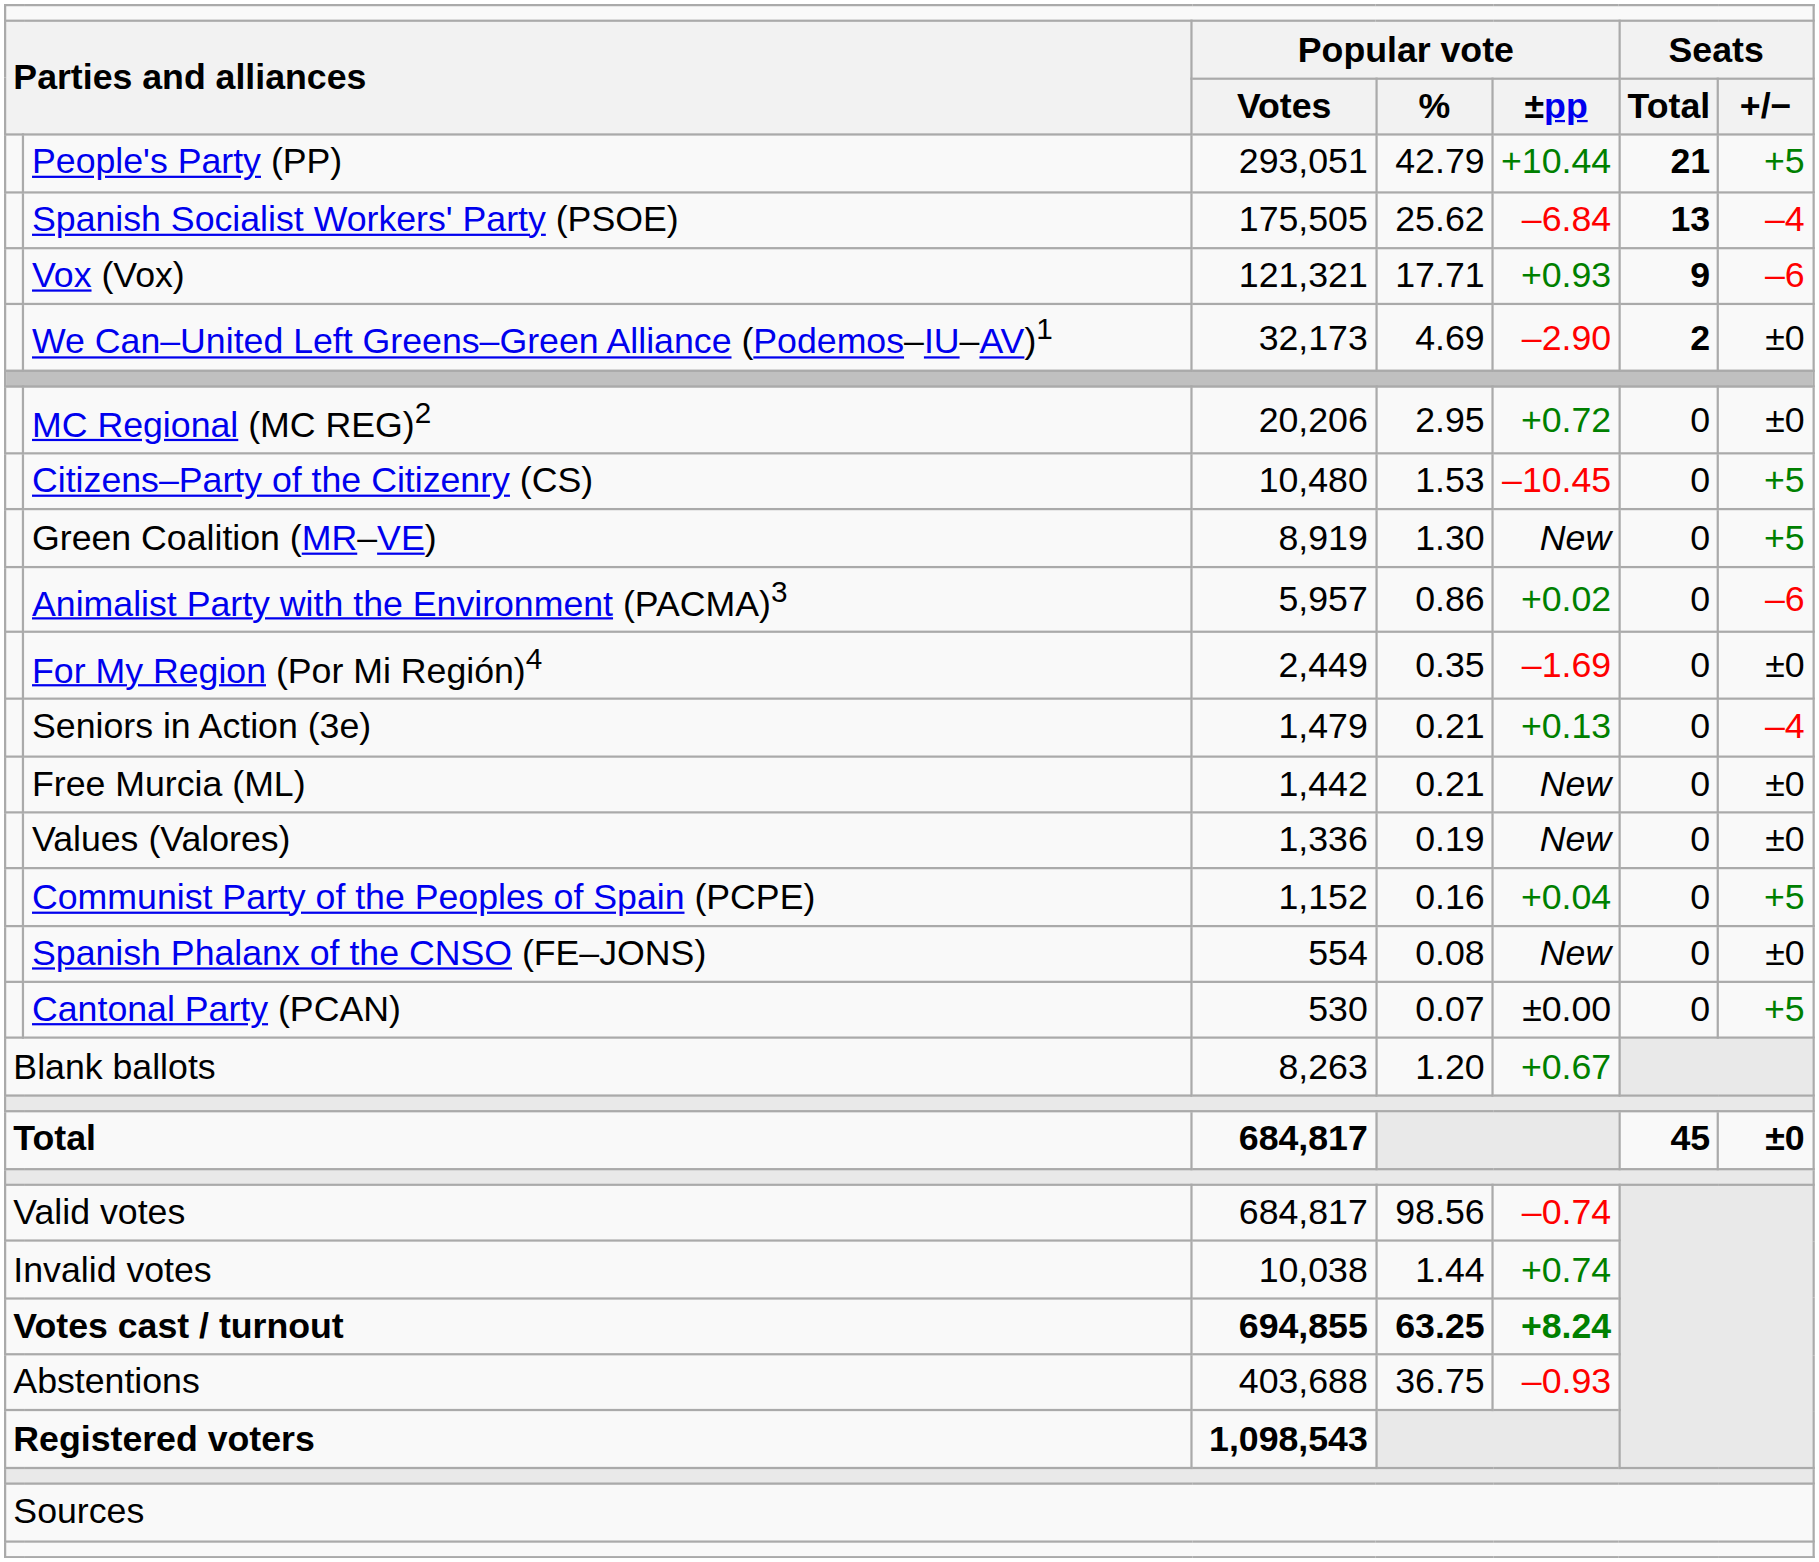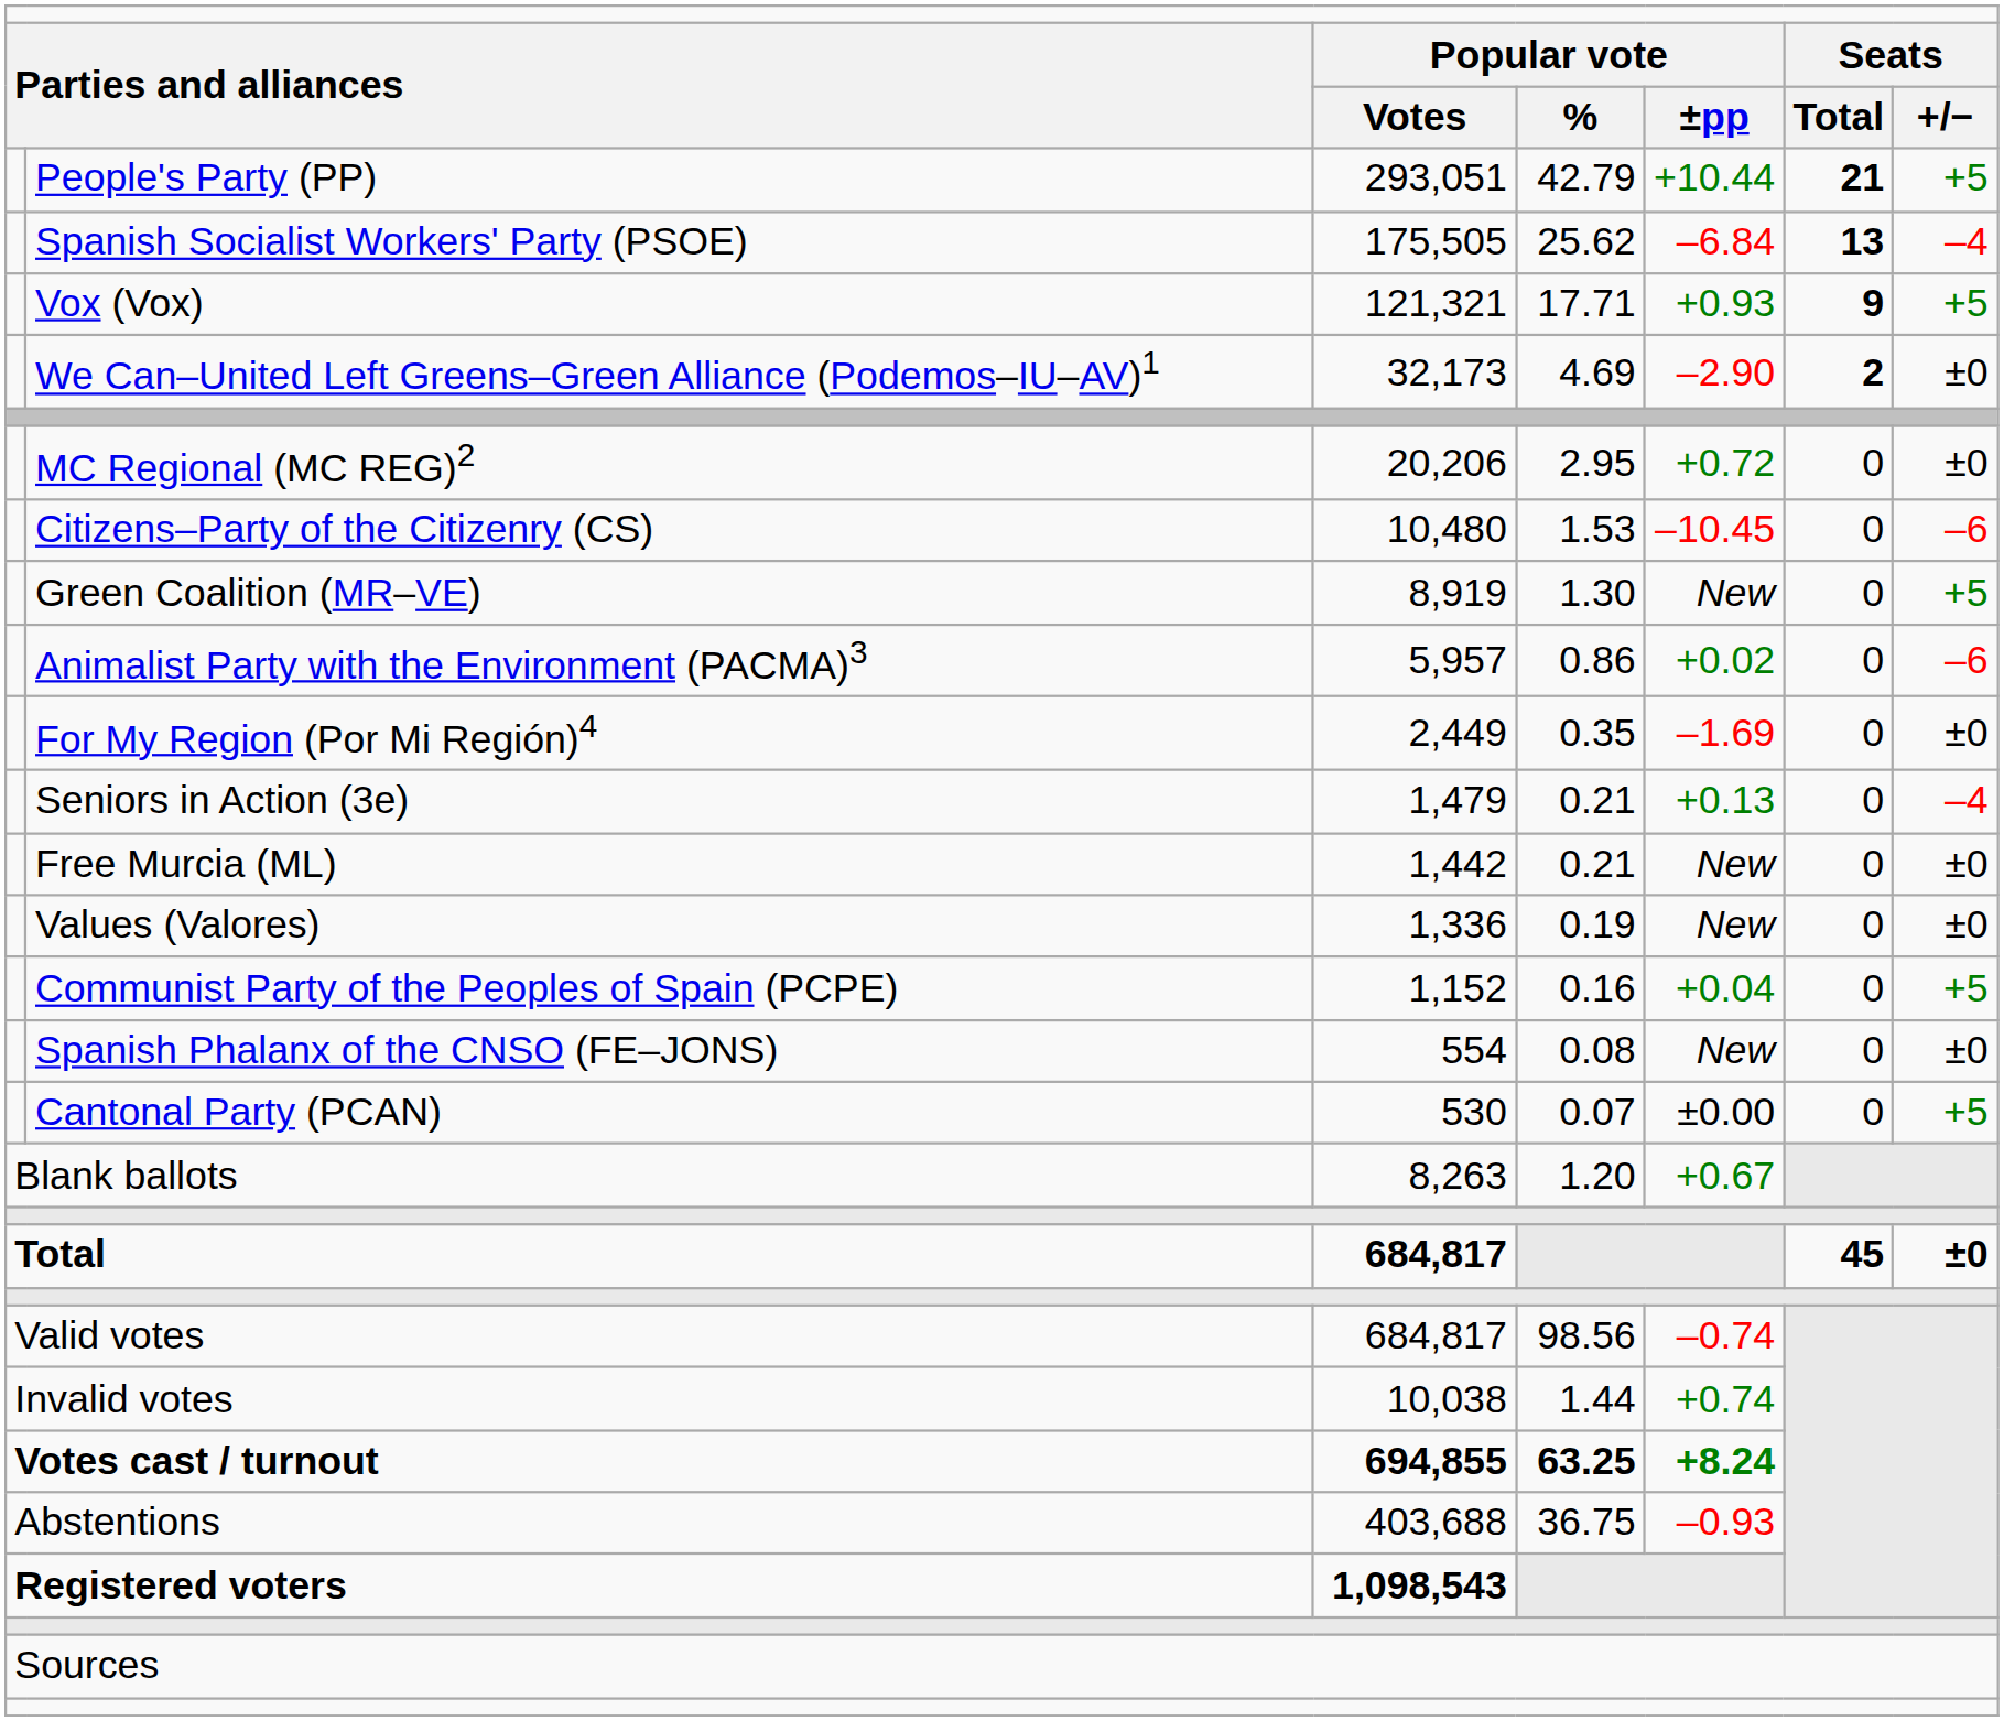 <table class="wikitable" style="text-align:right;">
 <tr>
 <td colspan="7"></td>
 </tr>
 <tr>
 <th style="text-align:left;" rowspan="2" colspan="2" width="525">Parties and alliances</th>
 <th colspan="3">Popular vote</th>
 <th colspan="2">Seats</th>
 </tr>
 <tr>
 <th width="75">Votes</th>
 <th width="45">%</th>
 <th width="45">±<a href='#'>pp</a></th>
 <th width="35">Total</th>
 <th width="35">+/−</th>
 </tr>
 <tr>
 <td width="1" style="color:inherit;background:"></td>
 <td align="left"><a href='#'>People's Party</a> (PP)</td>
 <td>293,051</td>
 <td>42.79</td>
 <td style="color:green;">+10.44</td>
 <td><strong>21</strong></td>
 <td style="color:green;">+5</td>
 </tr>
 <tr>
 <td style="color:inherit;background:"></td>
 <td align="left"><a href='#'>Spanish Socialist Workers' Party</a> (PSOE)</td>
 <td>175,505</td>
 <td>25.62</td>
 <td style="color:red;">–6.84</td>
 <td><strong>13</strong></td>
 <td style="color:red;">–4</td>
 </tr>
 <tr>
 <td style="color:inherit;background:"></td>
 <td align="left"><a href='#'>Vox</a> (Vox)</td>
 <td>121,321</td>
 <td>17.71</td>
 <td style="color:green;">+0.93</td>
 <td><strong>9</strong></td>
-<td style="color:red;">–6</td>
+<td style="color:green;">+5</td>
 </tr>
 <tr>
 <td style="color:inherit;background:"></td>
 <td align="left"><a href='#'>We Can–United Left Greens–Green Alliance</a> (<a href='#'>Podemos</a>–<a href='#'>IU</a>–<a href='#'>AV</a>)<sup>1</sup></td>
 <td>32,173</td>
 <td>4.69</td>
 <td style="color:red;">–2.90</td>
 <td><strong>2</strong></td>
 <td>±0</td>
 </tr>
 <tr>
 <td colspan="7" bgcolor="#C0C0C0"></td>
 </tr>
 <tr>
 <td style="color:inherit;background:"></td>
 <td align="left"><a href='#'>MC Regional</a> (MC REG)<sup>2</sup></td>
 <td>20,206</td>
 <td>2.95</td>
 <td style="color:green;">+0.72</td>
 <td>0</td>
 <td>±0</td>
 </tr>
 <tr>
 <td style="color:inherit;background:"></td>
 <td align="left"><a href='#'>Citizens–Party of the Citizenry</a> (CS)</td>
 <td>10,480</td>
 <td>1.53</td>
 <td style="color:red;">–10.45</td>
 <td>0</td>
-<td style="color:green;">+5</td>
+<td style="color:red;">–6</td>
 </tr>
 <tr>
 <td style="color:inherit;background:"></td>
 <td align="left">Green Coalition (<a href='#'>MR</a>–<a href='#'>VE</a>)</td>
 <td>8,919</td>
 <td>1.30</td>
 <td><em>New</em></td>
 <td>0</td>
 <td style="color:green;">+5</td>
 </tr>
 <tr>
 <td style="color:inherit;background:"></td>
 <td align="left"><a href='#'>Animalist Party with the Environment</a> (PACMA)<sup>3</sup></td>
 <td>5,957</td>
 <td>0.86</td>
 <td style="color:green;">+0.02</td>
 <td>0</td>
 <td style="color:red;">–6</td>
 </tr>
 <tr>
 <td style="color:inherit;background:"></td>
 <td align="left"><a href='#'>For My Region</a> (Por Mi Región)<sup>4</sup></td>
 <td>2,449</td>
 <td>0.35</td>
 <td style="color:red;">–1.69</td>
 <td>0</td>
 <td>±0</td>
 </tr>
 <tr>
 <td style="color:inherit;background:"></td>
 <td align="left">Seniors in Action (3e)</td>
 <td>1,479</td>
 <td>0.21</td>
 <td style="color:green;">+0.13</td>
 <td>0</td>
 <td style="color:red;">–4</td>
 </tr>
 <tr>
 <td style="color:inherit;background:"></td>
 <td align="left">Free Murcia (ML)</td>
 <td>1,442</td>
 <td>0.21</td>
 <td><em>New</em></td>
 <td>0</td>
 <td>±0</td>
 </tr>
 <tr>
 <td style="color:inherit;background:"></td>
 <td align="left">Values (Valores)</td>
 <td>1,336</td>
 <td>0.19</td>
 <td><em>New</em></td>
 <td>0</td>
 <td>±0</td>
 </tr>
 <tr>
 <td style="color:inherit;background:"></td>
 <td align="left"><a href='#'>Communist Party of the Peoples of Spain</a> (PCPE)</td>
 <td>1,152</td>
 <td>0.16</td>
 <td style="color:green;">+0.04</td>
 <td>0</td>
 <td style="color:green;">+5</td>
 </tr>
 <tr>
 <td style="color:inherit;background:"></td>
 <td align="left"><a href='#'>Spanish Phalanx of the CNSO</a> (FE–JONS)</td>
 <td>554</td>
 <td>0.08</td>
 <td><em>New</em></td>
 <td>0</td>
 <td>±0</td>
 </tr>
 <tr>
 <td style="color:inherit;background:"></td>
 <td align="left"><a href='#'>Cantonal Party</a> (PCAN)</td>
 <td>530</td>
 <td>0.07</td>
 <td>±0.00</td>
 <td>0</td>
 <td style="color:green;">+5</td>
 </tr>
 <tr>
 <td align="left" colspan="2">Blank ballots</td>
 <td>8,263</td>
 <td>1.20</td>
 <td style="color:green;">+0.67</td>
 <td bgcolor="#E9E9E9" colspan="2"></td>
 </tr>
 <tr>
 <td colspan="7" bgcolor="#E9E9E9"></td>
 </tr>
 <tr style="font-weight:bold;">
 <td align="left" colspan="2">Total</td>
 <td>684,817</td>
 <td bgcolor="#E9E9E9" colspan="2"></td>
 <td>45</td>
 <td>±0</td>
 </tr>
 <tr>
 <td colspan="7" bgcolor="#E9E9E9"></td>
 </tr>
 <tr>
 <td align="left" colspan="2">Valid votes</td>
 <td>684,817</td>
 <td>98.56</td>
 <td style="color:red;">–0.74</td>
 <td bgcolor="#E9E9E9" colspan="2" rowspan="5"></td>
 </tr>
 <tr>
 <td align="left" colspan="2">Invalid votes</td>
 <td>10,038</td>
 <td>1.44</td>
 <td style="color:green;">+0.74</td>
 </tr>
 <tr style="font-weight:bold;">
 <td align="left" colspan="2">Votes cast / turnout</td>
 <td>694,855</td>
 <td>63.25</td>
 <td style="color:green;">+8.24</td>
 </tr>
 <tr>
 <td align="left" colspan="2">Abstentions</td>
 <td>403,688</td>
 <td>36.75</td>
 <td style="color:red;">–0.93</td>
 </tr>
 <tr style="font-weight:bold;">
 <td align="left" colspan="2">Registered voters</td>
 <td>1,098,543</td>
 <td bgcolor="#E9E9E9" colspan="2"></td>
 </tr>
 <tr>
 <td colspan="7" bgcolor="#E9E9E9"></td>
 </tr>
 <tr>
 <td align="left" colspan="7">Sources</td>
 </tr>
 <tr>
 <td colspan="7" style="text-align:left; max-width:790px;"></td>
 </tr>
 </table>
